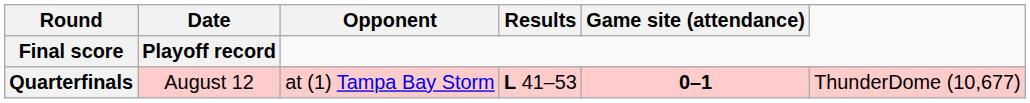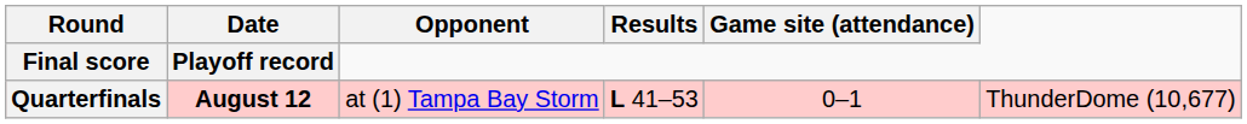 <table class="wikitable" style="font-size: 92%;" "align=center">
 <tr>
 <th>Round</th>
 <th>Date</th>
 <th>Opponent</th>
 <th>Results</th>
 <th>Game site (attendance)</th>
 </tr>
 <tr>
 <th>Final score</th>
 <th>Playoff record</th>
 </tr>
 <tr style="background:#fcc">
 <th>Quarterfinals</th>
-<td style="text-align:center;">August 12</td>
+<td style="text-align:center;"><strong>August 12</strong></td>
 <td style="text-align:center;">at (1) <a href='#'>Tampa Bay Storm</a></td>
 <td style="text-align:center;"><strong>L</strong> 41–53</td>
-<td style="text-align:center;"><strong>0–1</strong></td>
+<td style="text-align:center;">0–1</td>
 <td style="text-align:center;">ThunderDome (10,677)</td>
 </tr>
 </table>
